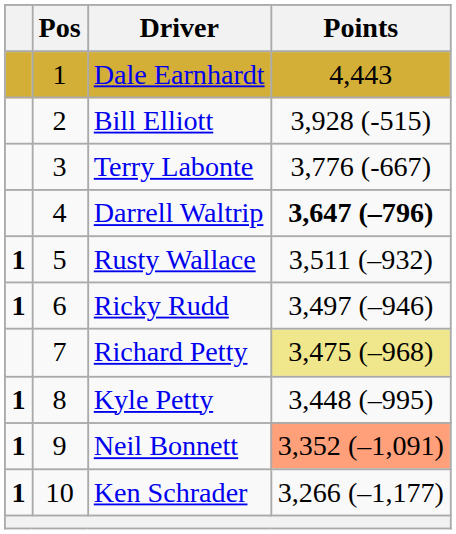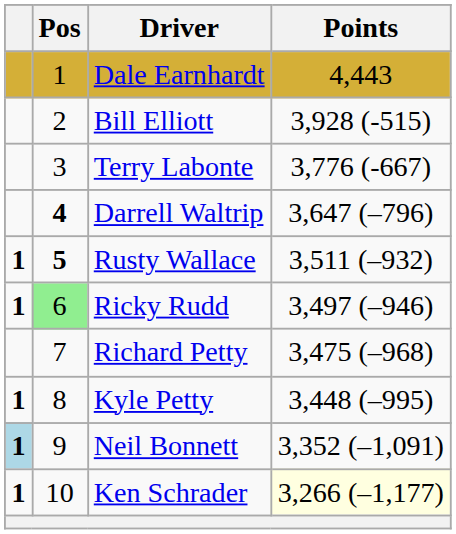 <table class="wikitable" style="font-size: 95%;">
 <tr>
 <th></th>
 <th>Pos</th>
 <th>Driver</th>
 <th>Points</th>
 </tr>
 <tr style="background:#D4AF37;">
 <td align="left"></td>
 <td style="text-align:center;">1</td>
 <td><a href='#'>Dale Earnhardt</a></td>
 <td style="text-align:center;">4,443</td>
 </tr>
 <tr>
 <td align="left"></td>
 <td style="text-align:center;">2</td>
 <td><a href='#'>Bill Elliott</a></td>
 <td style="text-align:center;">3,928 (-515)</td>
 </tr>
 <tr>
 <td align="left"></td>
 <td style="text-align:center;">3</td>
 <td><a href='#'>Terry Labonte</a></td>
 <td style="text-align:center;">3,776 (-667)</td>
 </tr>
 <tr>
 <td align="left"></td>
-<td style="text-align:center;">4</td>
+<td style="text-align:center;"><strong>4</strong></td>
 <td><a href='#'>Darrell Waltrip</a></td>
-<td style="text-align:center;"><strong>3,647 (–796)</strong></td>
+<td style="text-align:center;">3,647 (–796)</td>
 </tr>
 <tr>
 <td align="left">  <strong>1</strong></td>
-<td style="text-align:center;">5</td>
+<td style="text-align:center;"><strong>5</strong></td>
 <td><a href='#'>Rusty Wallace</a></td>
 <td style="text-align:center;">3,511 (–932)</td>
 </tr>
 <tr>
 <td align="left">  <strong>1</strong></td>
-<td style="text-align:center;">6</td>
+<td style="background: lightgreen; text-align:center;">6</td>
 <td><a href='#'>Ricky Rudd</a></td>
 <td style="text-align:center;">3,497 (–946)</td>
 </tr>
 <tr>
 <td align="left"></td>
 <td style="text-align:center;">7</td>
 <td><a href='#'>Richard Petty</a></td>
-<td style="background: khaki; text-align:center;">3,475 (–968)</td>
+<td style="text-align:center;">3,475 (–968)</td>
 </tr>
 <tr>
 <td align="left">  <strong>1</strong></td>
 <td style="text-align:center;">8</td>
 <td><a href='#'>Kyle Petty</a></td>
 <td style="text-align:center;">3,448 (–995)</td>
 </tr>
 <tr>
-<td align="left">  <strong>1</strong></td>
+<td align="left" style="background: lightblue;">  <strong>1</strong></td>
 <td style="text-align:center;">9</td>
 <td><a href='#'>Neil Bonnett</a></td>
-<td style="background: lightsalmon; text-align:center;">3,352 (–1,091)</td>
+<td style="text-align:center;">3,352 (–1,091)</td>
 </tr>
 <tr>
 <td align="left">  <strong>1</strong></td>
 <td style="text-align:center;">10</td>
 <td><a href='#'>Ken Schrader</a></td>
-<td style="text-align:center;">3,266 (–1,177)</td>
+<td style="background: lightyellow; text-align:center;">3,266 (–1,177)</td>
 </tr>
 <tr class="sortbottom">
 <th colspan="9"></th>
 </tr>
 </table>
